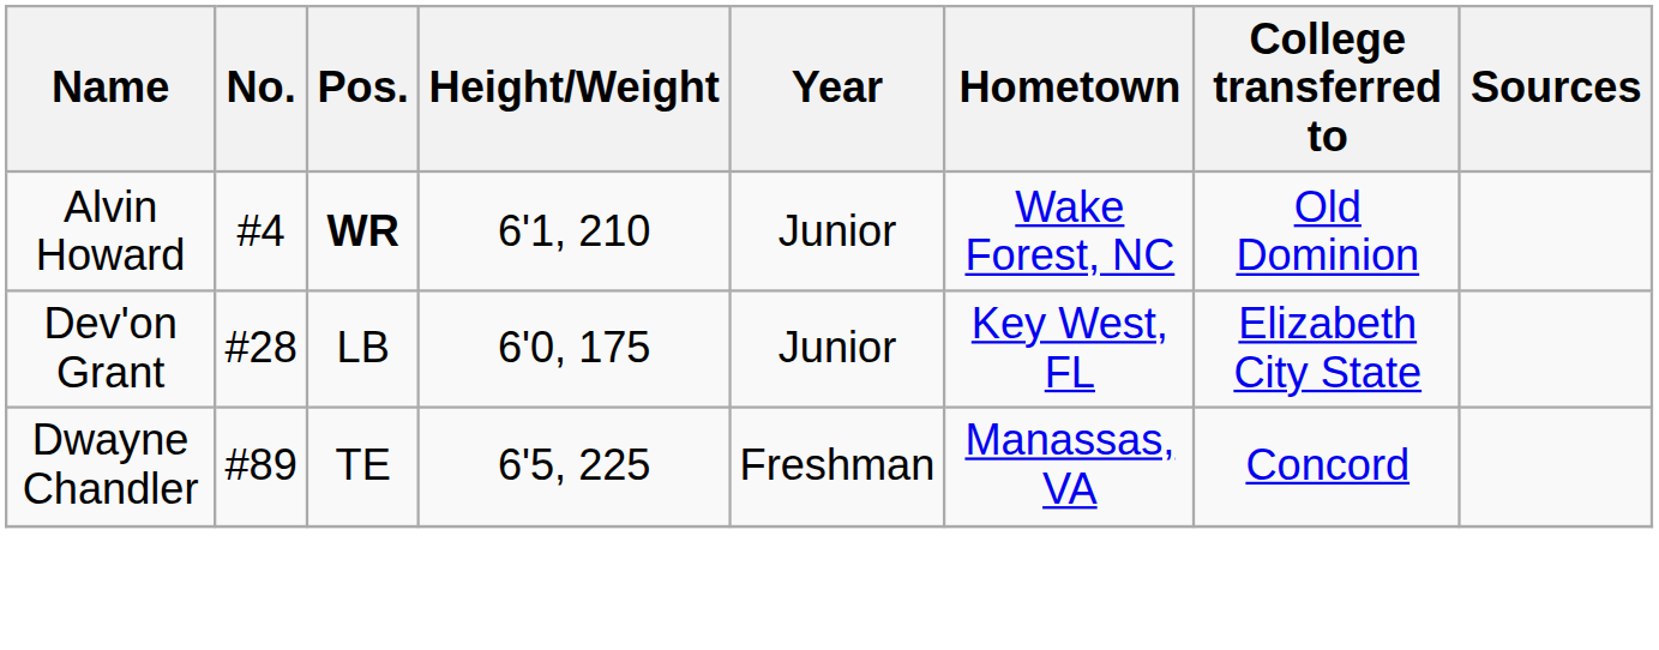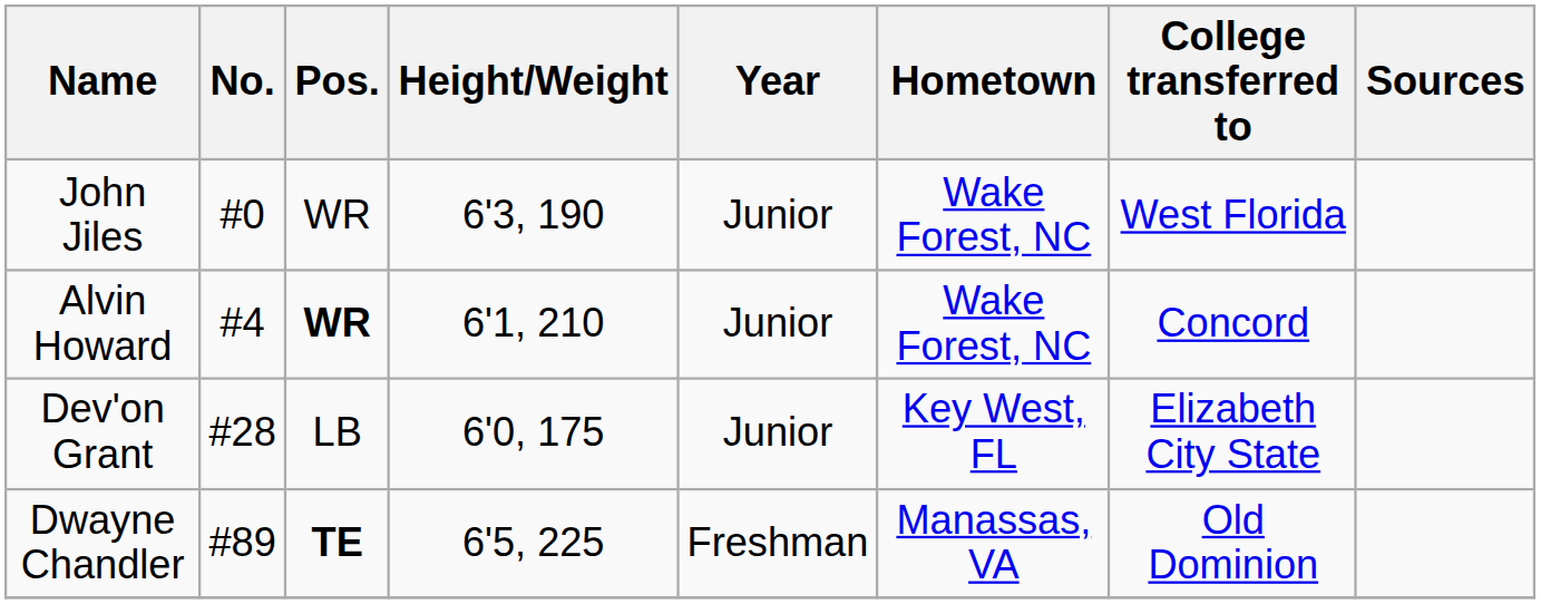 <table class="wikitable sortable sortable" style="text-align: center">
 <tr align=center>
 <th style="text-align:center; ">Name</th>
 <th style="text-align:center; ">No.</th>
 <th style="text-align:center; ">Pos.</th>
 <th style="text-align:center; ">Height/Weight</th>
 <th style="text-align:center; ">Year</th>
 <th style="text-align:center; ">Hometown</th>
 <th style="text-align:center; ">College transferred to</th>
 <th style="text-align:center; ">Sources</th>
 </tr>
 <tr>
+<td>John Jiles</td>
+<td>#0</td>
+<td>WR</td>
+<td>6'3, 190</td>
+<td>Junior</td>
+<td><a href='#'>Wake Forest, NC</a></td>
+<td><a href='#'>West Florida</a></td>
+<td></td>
+</tr>
+<tr>
 <td>Alvin Howard</td>
 <td>#4</td>
 <td><strong>WR</strong></td>
 <td>6'1, 210</td>
 <td>Junior</td>
 <td><a href='#'>Wake Forest, NC</a></td>
-<td><a href='#'>Old Dominion</a></td>
+<td><a href='#'>Concord</a></td>
 <td></td>
 </tr>
 <tr>
 <td>Dev'on Grant</td>
 <td>#28</td>
 <td>LB</td>
 <td>6'0, 175</td>
 <td>Junior</td>
 <td><a href='#'>Key West, FL</a></td>
 <td><a href='#'>Elizabeth City State</a></td>
 <td></td>
 </tr>
 <tr>
 <td>Dwayne Chandler</td>
 <td>#89</td>
-<td>TE</td>
+<td><strong>TE</strong></td>
 <td>6'5, 225</td>
 <td> Freshman</td>
 <td><a href='#'>Manassas, VA</a></td>
-<td><a href='#'>Concord</a></td>
+<td><a href='#'>Old Dominion</a></td>
 <td></td>
 </tr>
 <tr>
 </tr>
 </table>
